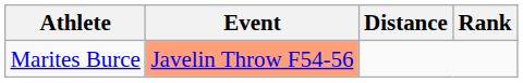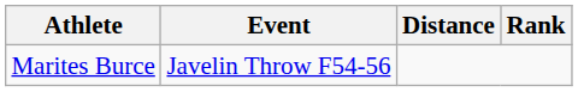 <table class="wikitable">
 <tr>
 <th>Athlete</th>
 <th>Event</th>
 <th>Distance</th>
 <th>Rank</th>
 </tr>
 <tr align=center>
 <td align=left><a href='#'>Marites Burce</a></td>
-<td align=left style="background: lightsalmon;"><a href='#'>Javelin Throw F54-56</a></td>
+<td align=left><a href='#'>Javelin Throw F54-56</a></td>
 <td colspan=2></td>
 </tr>
 </table>
